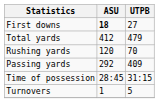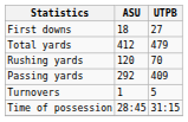 <table class="wikitable" style="float: left;">
 <tr>
 <th>Statistics</th>
 <th>ASU</th>
 <th>UTPB</th>
 </tr>
 <tr>
 <td>First downs</td>
-<td><strong>18</strong></td>
+<td>18</td>
 <td>27</td>
 </tr>
 <tr>
 <td>Total yards</td>
 <td>412</td>
 <td>479</td>
 </tr>
 <tr>
 <td>Rushing yards</td>
 <td>120</td>
 <td>70</td>
 </tr>
 <tr>
 <td>Passing yards</td>
 <td>292</td>
 <td>409</td>
 </tr>
 <tr>
+<td>Turnovers</td>
+<td>1</td>
+<td>5</td>
+</tr>
+<tr>
 <td>Time of possession</td>
 <td>28:45</td>
 <td>31:15</td>
 </tr>
 <tr>
-<td>Turnovers</td>
-<td>1</td>
-<td>5</td>
-</tr>
-<tr>
 </tr>
 </table>
